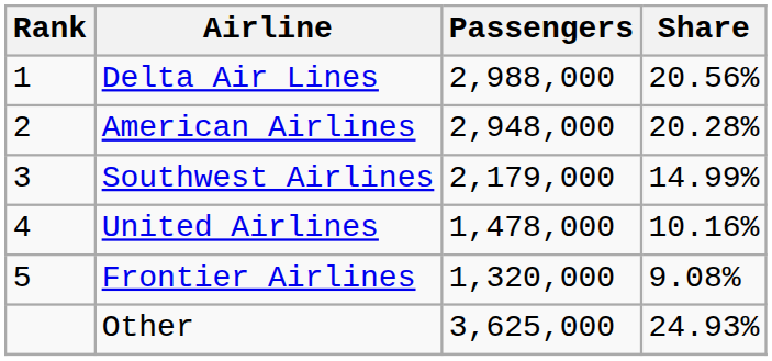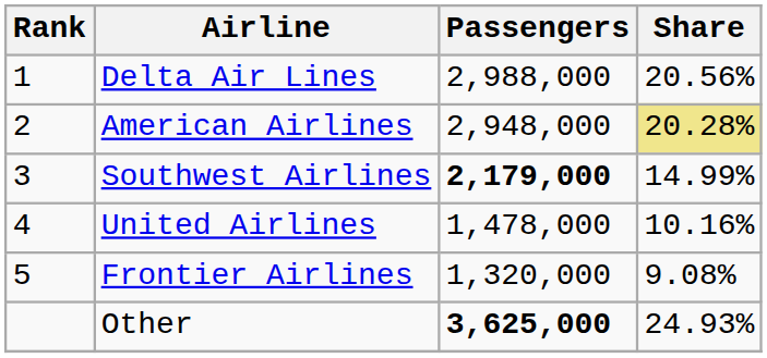 <table class="wikitable sortable" style="font-size: 95%" width= align=>
 <tr>
 <th>Rank</th>
 <th>Airline</th>
 <th>Passengers</th>
 <th>Share</th>
 </tr>
 <tr>
 <td>1</td>
 <td><a href='#'>Delta Air Lines</a></td>
 <td>2,988,000</td>
 <td>20.56%</td>
 </tr>
 <tr>
 <td>2</td>
 <td><a href='#'>American Airlines</a></td>
 <td>2,948,000</td>
-<td>20.28%</td>
+<td style="background: khaki;">20.28%</td>
 </tr>
 <tr>
 <td>3</td>
 <td><a href='#'>Southwest Airlines</a></td>
-<td>2,179,000</td>
+<td><strong>2,179,000</strong></td>
 <td>14.99%</td>
 </tr>
 <tr>
 <td>4</td>
 <td><a href='#'>United Airlines</a></td>
 <td>1,478,000</td>
 <td>10.16%</td>
 </tr>
 <tr>
 <td>5</td>
 <td><a href='#'>Frontier Airlines</a></td>
 <td>1,320,000</td>
 <td>9.08%</td>
 </tr>
 <tr>
 <td></td>
 <td>Other</td>
-<td>3,625,000</td>
+<td><strong>3,625,000</strong></td>
 <td>24.93%</td>
 </tr>
 <tr>
 </tr>
 </table>
